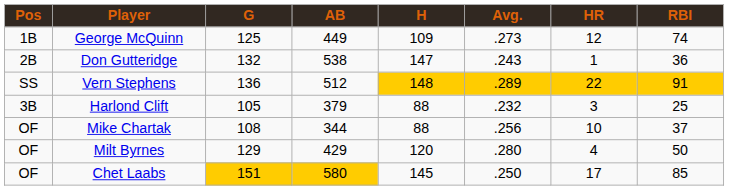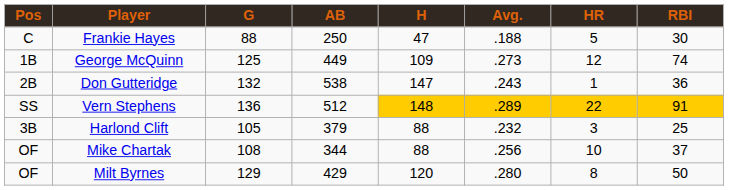 <table class="wikitable sortable">
 <tr>
 <th style="background:#312821;color:#de6108;" width="5%">Pos</th>
 <th style="background:#312821;color:#de6108;" width="16%">Player</th>
 <th style="background:#312821;color:#de6108;" width="9%">G</th>
 <th style="background:#312821;color:#de6108;" width="9%">AB</th>
 <th style="background:#312821;color:#de6108;" width="9%">H</th>
 <th style="background:#312821;color:#de6108;" width="9%">Avg.</th>
 <th style="background:#312821;color:#de6108;" width="9%">HR</th>
 <th style="background:#312821;color:#de6108;" width="9%">RBI</th>
+</tr>
+<tr align="center">
+<td>C</td>
+<td><a href='#'>Frankie Hayes</a></td>
+<td>88</td>
+<td>250</td>
+<td>47</td>
+<td>.188</td>
+<td>5</td>
+<td>30</td>
 </tr>
 <tr align="center">
 <td>1B</td>
 <td><a href='#'>George McQuinn</a></td>
 <td>125</td>
 <td>449</td>
 <td>109</td>
 <td>.273</td>
 <td>12</td>
 <td>74</td>
 </tr>
 <tr align="center">
 <td>2B</td>
 <td><a href='#'>Don Gutteridge</a></td>
 <td>132</td>
 <td>538</td>
 <td>147</td>
 <td>.243</td>
 <td>1</td>
 <td>36</td>
 </tr>
 <tr align="center">
 <td>SS</td>
 <td><a href='#'>Vern Stephens</a></td>
 <td>136</td>
 <td>512</td>
 <td style="background:#fc0;">148</td>
 <td style="background:#fc0;">.289</td>
 <td style="background:#fc0;">22</td>
 <td style="background:#fc0;">91</td>
 </tr>
 <tr align="center">
 <td>3B</td>
 <td><a href='#'>Harlond Clift</a></td>
 <td>105</td>
 <td>379</td>
 <td>88</td>
 <td>.232</td>
 <td>3</td>
 <td>25</td>
 </tr>
 <tr align="center">
 <td>OF</td>
 <td><a href='#'>Mike Chartak</a></td>
 <td>108</td>
 <td>344</td>
 <td>88</td>
 <td>.256</td>
 <td>10</td>
 <td>37</td>
 </tr>
 <tr align="center">
 <td>OF</td>
 <td><a href='#'>Milt Byrnes</a></td>
 <td>129</td>
 <td>429</td>
 <td>120</td>
 <td>.280</td>
-<td>4</td>
+<td>8</td>
 <td>50</td>
 </tr>
-<tr align="center">
-<td>OF</td>
-<td><a href='#'>Chet Laabs</a></td>
-<td style="background:#fc0;">151</td>
-<td style="background:#fc0;">580</td>
-<td>145</td>
-<td>.250</td>
-<td>17</td>
-<td>85</td>
-</tr>
 </table>
